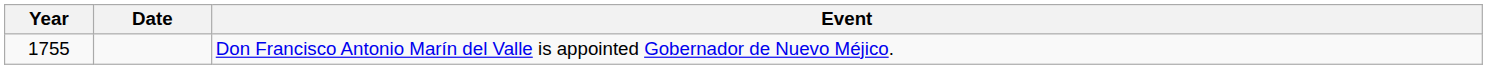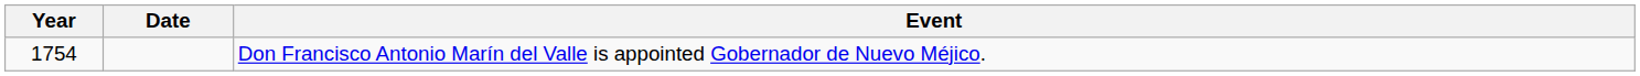 <table class="wikitable" style="width:100%;">
 <tr>
 <th style="width:6%">Year</th>
 <th style="width:8%">Date</th>
 <th style="width:86%">Event</th>
 </tr>
 <tr>
-<td align=center>1755</td>
+<td align=center>1754</td>
 <td align=center> </td>
 <td><a href='#'>Don Francisco Antonio Marín del Valle</a> is appointed <a href='#'>Gobernador de Nuevo Méjico</a>.</td>
 </tr>
 </table>
